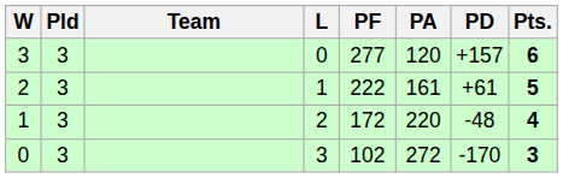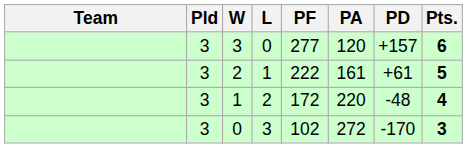 <table class=wikitable style="text-align:center">
 <tr>
+<th width=160>Team</th>
+<th width=20>Pld</th>
 <th width=20>W</th>
-<th width=20>Pld</th>
-<th width=160>Team</th>
 <th width=20>L</th>
 <th width=35>PF</th>
 <th width=35>PA</th>
 <th width=35>PD</th>
 <th width=30>Pts.</th>
 </tr>
 <tr align="center" bgcolor="#CCFFCC">
+<td align=left></td>
 <td>3</td>
 <td>3</td>
-<td align=left></td>
 <td>0</td>
 <td>277</td>
 <td>120</td>
 <td>+157</td>
 <td><strong>6</strong></td>
 </tr>
 <tr align="center" bgcolor="#CCFFCC">
+<td align=left></td>
+<td>3</td>
 <td>2</td>
-<td>3</td>
-<td align=left></td>
 <td>1</td>
 <td>222</td>
 <td>161</td>
 <td>+61</td>
 <td><strong>5</strong></td>
 </tr>
 <tr align="center" bgcolor="#CCFFCC">
+<td align=left></td>
+<td>3</td>
 <td>1</td>
-<td>3</td>
-<td align=left></td>
 <td>2</td>
 <td>172</td>
 <td>220</td>
 <td>-48</td>
 <td><strong>4</strong></td>
 </tr>
 <tr align="center" bgcolor="#CCFFCC">
+<td align=left></td>
+<td>3</td>
 <td>0</td>
-<td>3</td>
-<td align=left></td>
 <td>3</td>
 <td>102</td>
 <td>272</td>
 <td>-170</td>
 <td><strong>3</strong></td>
 </tr>
 </table>
